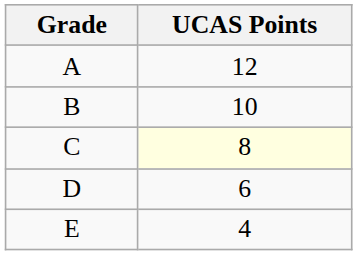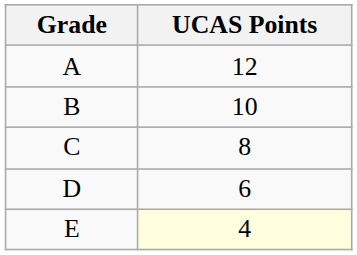 <table class="wikitable" border="1" style="text-align:center; margin-left:1em;">
 <tr>
 <th width="75">Grade</th>
 <th width="125">UCAS Points</th>
 </tr>
 <tr>
 <td align="center">A</td>
 <td>12</td>
 </tr>
 <tr>
 <td align="center">B</td>
 <td>10</td>
 </tr>
 <tr>
 <td align="center">C</td>
-<td style="background: lightyellow;">8</td>
+<td>8</td>
 </tr>
 <tr>
 <td align="center">D</td>
 <td>6</td>
 </tr>
 <tr>
 <td align="center">E</td>
-<td>4</td>
+<td style="background: lightyellow;">4</td>
 </tr>
 </table>
